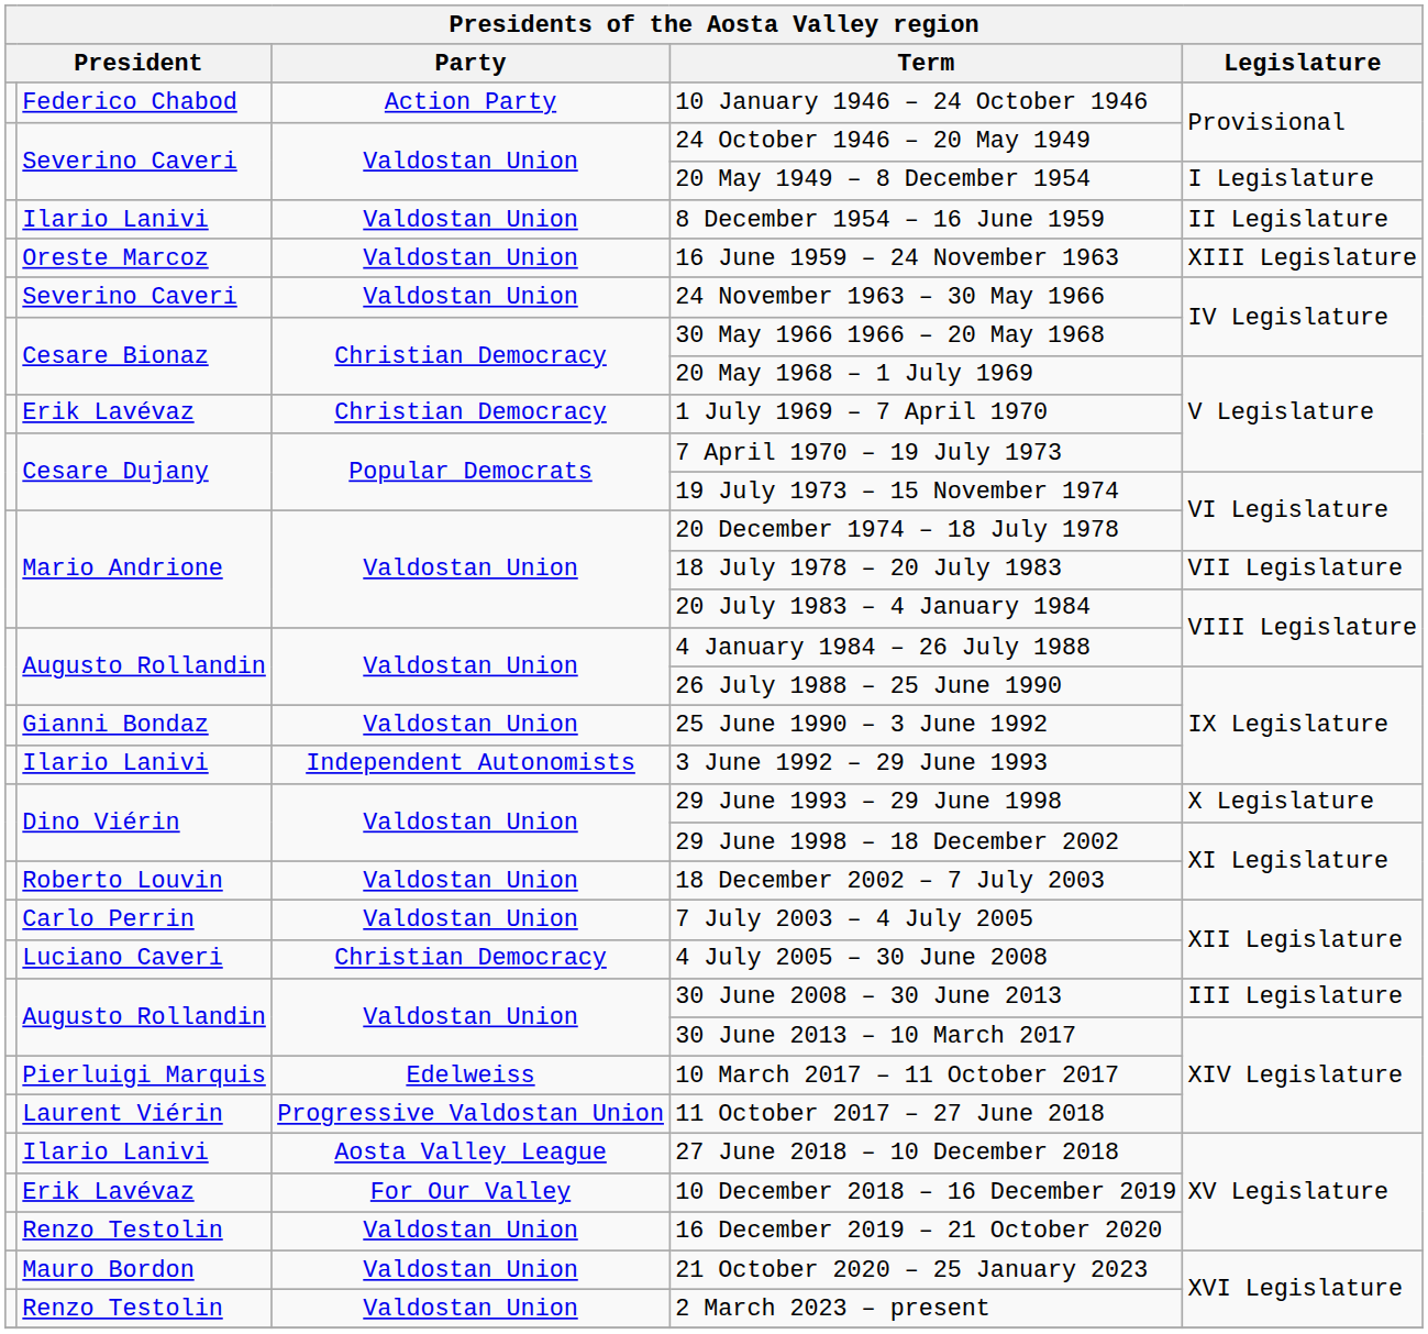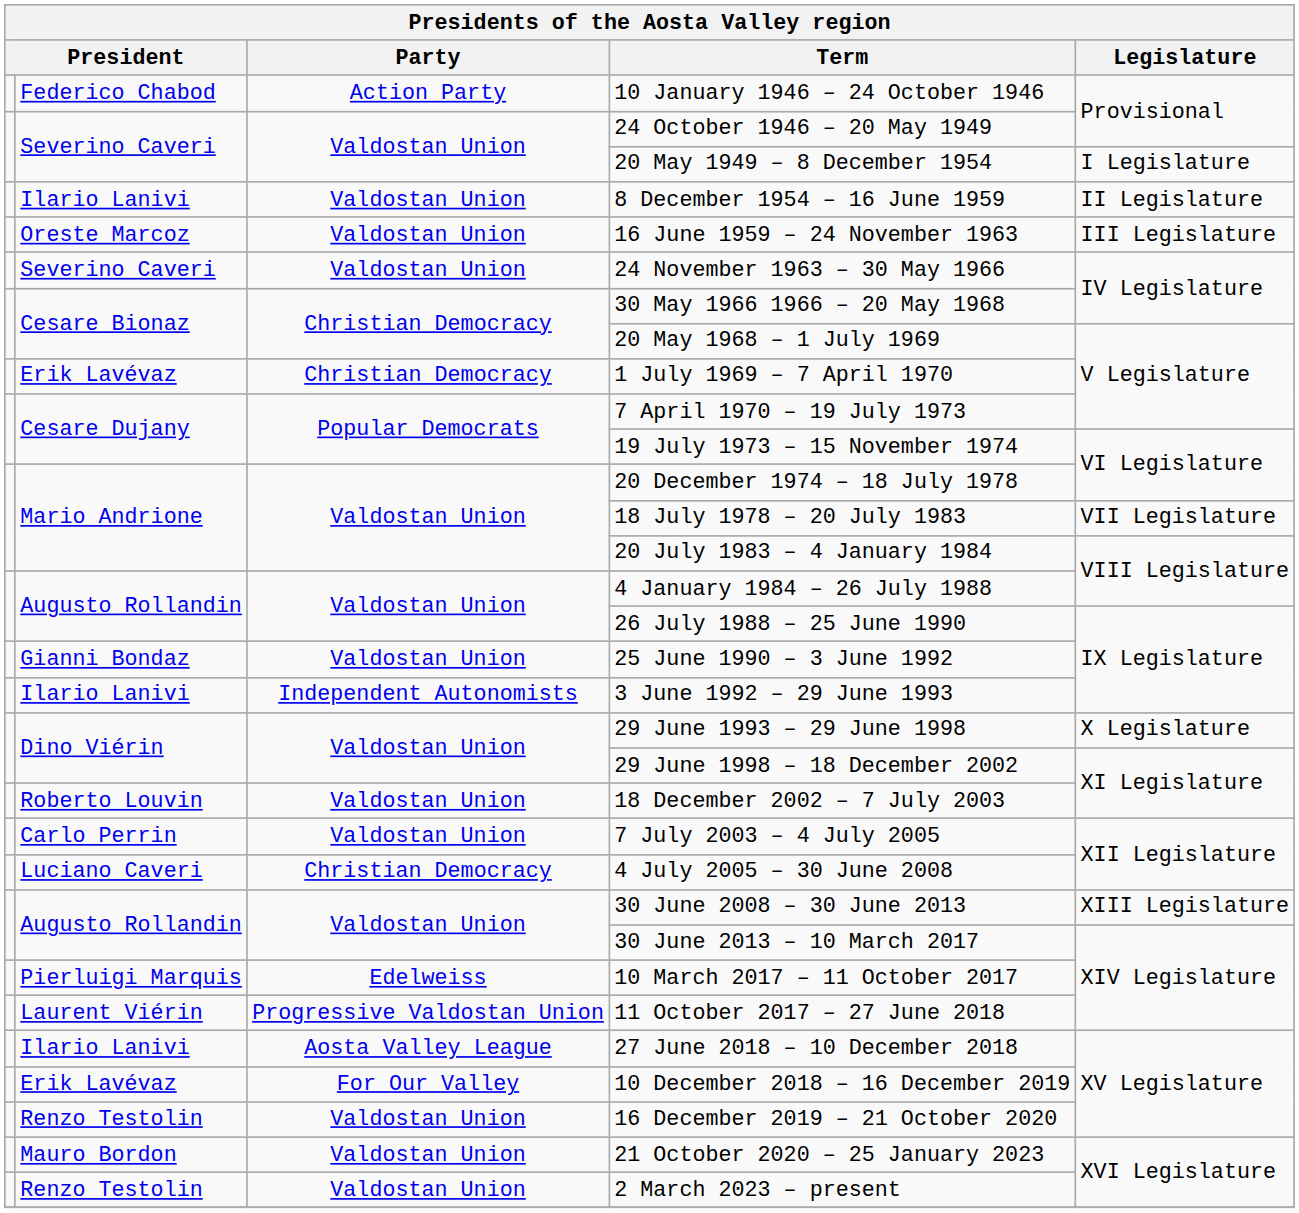 <table class="wikitable">
 <tr>
 <th colspan=5>Presidents of the Aosta Valley region</th>
 </tr>
 <tr>
 <th colspan=2 align="left">President</th>
 <th align="center">Party</th>
 <th align="left">Term</th>
 <th align="left">Legislature</th>
 </tr>
 <tr>
 <td style="background:"></td>
 <td><a href='#'>Federico Chabod</a></td>
 <td align="center"><a href='#'>Action Party</a></td>
 <td>10 January 1946 – 24 October 1946</td>
 <td rowspan=2>Provisional</td>
 </tr>
 <tr>
 <td rowspan=2 style="background:"></td>
 <td rowspan=2><a href='#'>Severino Caveri</a></td>
 <td rowspan=2 align="center"><a href='#'>Valdostan Union</a></td>
 <td>24 October 1946 – 20 May 1949</td>
 </tr>
 <tr>
 <td>20 May 1949 – 8 December 1954</td>
 <td>I Legislature</td>
 </tr>
 <tr>
 <td style="background:"></td>
 <td><a href='#'>Ilario Lanivi</a></td>
 <td align="center"><a href='#'>Valdostan Union</a></td>
 <td>8 December 1954 – 16 June 1959</td>
 <td>II Legislature</td>
 </tr>
 <tr>
 <td style="background:"></td>
 <td><a href='#'>Oreste Marcoz</a></td>
 <td align="center"><a href='#'>Valdostan Union</a></td>
 <td>16 June 1959 – 24 November 1963</td>
-<td>XIII Legislature</td>
+<td>III Legislature</td>
 </tr>
 <tr>
 <td style="background:"></td>
 <td><a href='#'>Severino Caveri</a></td>
 <td align="center"><a href='#'>Valdostan Union</a></td>
 <td>24 November 1963 – 30 May 1966</td>
 <td rowspan=2>IV Legislature</td>
 </tr>
 <tr>
 <td rowspan=2 style="background:"></td>
 <td rowspan=2><a href='#'>Cesare Bionaz</a></td>
 <td rowspan=2 align="center"><a href='#'>Christian Democracy</a></td>
 <td>30 May 1966 1966 – 20 May 1968</td>
 </tr>
 <tr>
 <td>20 May 1968 – 1 July 1969</td>
 <td rowspan=3>V Legislature</td>
 </tr>
 <tr>
 <td style="background:"></td>
 <td><a href='#'>Erik Lavévaz</a></td>
 <td align="center"><a href='#'>Christian Democracy</a></td>
 <td>1 July 1969 – 7 April 1970</td>
 </tr>
 <tr>
 <td rowspan=2 style="background:"></td>
 <td rowspan=2><a href='#'>Cesare Dujany</a></td>
 <td rowspan=2 align="center"><a href='#'>Popular Democrats</a></td>
 <td>7 April 1970 – 19 July 1973</td>
 </tr>
 <tr>
 <td>19 July 1973 – 15 November 1974</td>
 <td rowspan=2>VI Legislature</td>
 </tr>
 <tr>
 <td rowspan=3 style="background:"></td>
 <td rowspan=3><a href='#'>Mario Andrione</a></td>
 <td rowspan=3 align="center"><a href='#'>Valdostan Union</a></td>
 <td>20 December 1974 – 18 July 1978</td>
 </tr>
 <tr>
 <td>18 July 1978 – 20 July 1983</td>
 <td>VII Legislature</td>
 </tr>
 <tr>
 <td>20 July 1983 – 4 January 1984</td>
 <td rowspan=2>VIII Legislature</td>
 </tr>
 <tr>
 <td rowspan=2 style="background:"></td>
 <td rowspan=2><a href='#'>Augusto Rollandin</a></td>
 <td rowspan=2 align="center"><a href='#'>Valdostan Union</a></td>
 <td>4 January 1984 – 26 July 1988</td>
 </tr>
 <tr>
 <td>26 July 1988 – 25 June 1990</td>
 <td rowspan=3>IX Legislature</td>
 </tr>
 <tr>
 <td style="background:"></td>
 <td><a href='#'>Gianni Bondaz</a></td>
 <td align="center"><a href='#'>Valdostan Union</a></td>
 <td>25 June 1990 – 3 June 1992</td>
 </tr>
 <tr>
 <td style="background:"></td>
 <td><a href='#'>Ilario Lanivi</a></td>
 <td align="center"><a href='#'>Independent Autonomists</a></td>
 <td>3 June 1992 – 29 June 1993</td>
 </tr>
 <tr>
 <td rowspan=2 style="background:"></td>
 <td rowspan=2><a href='#'>Dino Viérin</a></td>
 <td rowspan=2 align="center"><a href='#'>Valdostan Union</a></td>
 <td>29 June 1993 – 29 June 1998</td>
 <td>X Legislature</td>
 </tr>
 <tr>
 <td>29 June 1998 – 18 December 2002</td>
 <td rowspan=2>XI Legislature</td>
 </tr>
 <tr>
 <td style="background:"></td>
 <td><a href='#'>Roberto Louvin</a></td>
 <td align="center"><a href='#'>Valdostan Union</a></td>
 <td>18 December 2002 – 7 July 2003</td>
 </tr>
 <tr>
 <td style="background:"></td>
 <td><a href='#'>Carlo Perrin</a></td>
 <td align="center"><a href='#'>Valdostan Union</a></td>
 <td>7 July 2003 – 4 July 2005</td>
 <td rowspan=2>XII Legislature</td>
 </tr>
 <tr>
 <td style="background:"></td>
 <td><a href='#'>Luciano Caveri</a></td>
 <td align="center"><a href='#'>Christian Democracy</a></td>
 <td>4 July 2005 – 30 June 2008</td>
 </tr>
 <tr>
 <td rowspan=2 style="background:"></td>
 <td rowspan=2><a href='#'>Augusto Rollandin</a></td>
 <td rowspan=2 align="center"><a href='#'>Valdostan Union</a></td>
 <td>30 June 2008 – 30 June 2013</td>
-<td>III Legislature</td>
+<td>XIII Legislature</td>
 </tr>
 <tr>
 <td>30 June 2013 – 10 March 2017</td>
 <td rowspan=3>XIV Legislature</td>
 </tr>
 <tr>
 <td style="background:"></td>
 <td><a href='#'>Pierluigi Marquis</a></td>
 <td align="center"><a href='#'>Edelweiss</a></td>
 <td>10 March 2017 – 11 October 2017</td>
 </tr>
 <tr>
 <td style="background:"></td>
 <td><a href='#'>Laurent Viérin</a></td>
 <td align="center"><a href='#'>Progressive Valdostan Union</a></td>
 <td>11 October 2017 – 27 June 2018</td>
 </tr>
 <tr>
 <td style="background:"></td>
 <td><a href='#'>Ilario Lanivi</a></td>
 <td align="center"><a href='#'>Aosta Valley League</a></td>
 <td>27 June 2018 – 10 December 2018</td>
 <td rowspan=3>XV Legislature</td>
 </tr>
 <tr>
 <td style="background:"></td>
 <td><a href='#'>Erik Lavévaz</a></td>
 <td align="center"><a href='#'>For Our Valley</a></td>
 <td>10 December 2018 – 16 December 2019</td>
 </tr>
 <tr>
 <td style="background:"></td>
 <td><a href='#'>Renzo Testolin</a></td>
 <td align="center"><a href='#'>Valdostan Union</a></td>
 <td>16 December 2019 – 21 October 2020</td>
 </tr>
 <tr>
 <td style="background:"></td>
 <td><a href='#'>Mauro Bordon</a></td>
 <td align="center"><a href='#'>Valdostan Union</a></td>
 <td>21 October 2020 – 25 January 2023</td>
 <td rowspan=2>XVI Legislature</td>
 </tr>
 <tr>
 <td style="background:"></td>
 <td><a href='#'>Renzo Testolin</a></td>
 <td align="center"><a href='#'>Valdostan Union</a></td>
 <td>2 March 2023 – present</td>
 </tr>
 <tr>
 </tr>
 </table>
